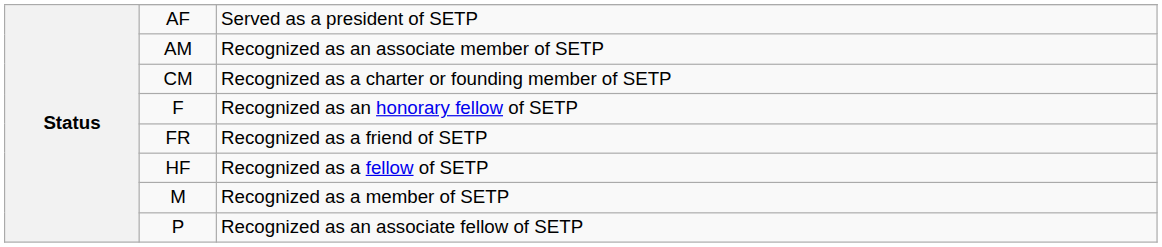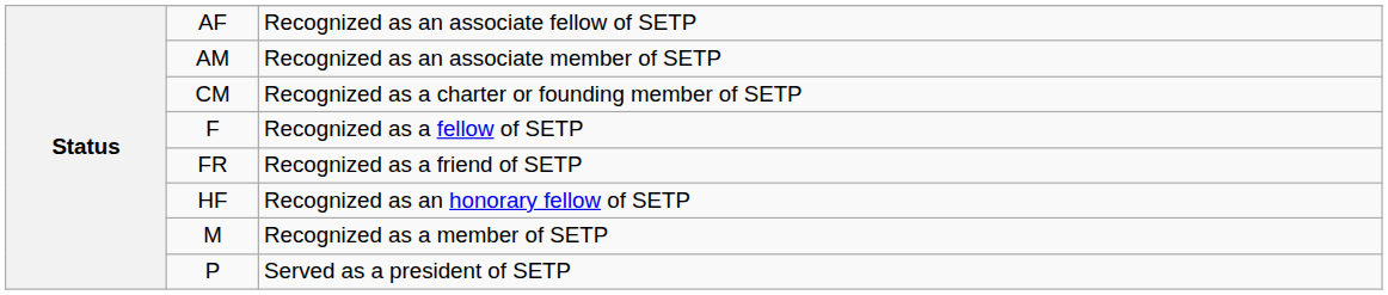 <table class="wikitable" style="width:78%;">
 <tr>
 <th rowspan="9">Status</th>
 </tr>
 <tr>
 <td style="text-align:center;">AF</td>
-<td>Served as a president of SETP</td>
+<td>Recognized as an associate fellow of SETP</td>
 </tr>
 <tr>
 <td style="text-align:center;">AM</td>
 <td>Recognized as an associate member of SETP</td>
 </tr>
 <tr>
 <td style="text-align:center;">CM</td>
 <td>Recognized as a charter or founding member of SETP</td>
 </tr>
 <tr>
 <td style="text-align:center;">F</td>
-<td>Recognized as an <a href='#'>honorary fellow</a> of SETP</td>
+<td>Recognized as a <a href='#'>fellow</a> of SETP</td>
 </tr>
 <tr>
 <td style="text-align:center;">FR</td>
 <td>Recognized as a friend of SETP</td>
 </tr>
 <tr>
 <td style="text-align:center;">HF</td>
-<td>Recognized as a <a href='#'>fellow</a> of SETP</td>
+<td>Recognized as an <a href='#'>honorary fellow</a> of SETP</td>
 </tr>
 <tr>
 <td style="text-align:center;">M</td>
 <td>Recognized as a member of SETP</td>
 </tr>
 <tr>
 <td style="text-align:center;">P</td>
-<td>Recognized as an associate fellow of SETP</td>
+<td>Served as a president of SETP</td>
 </tr>
 </table>
